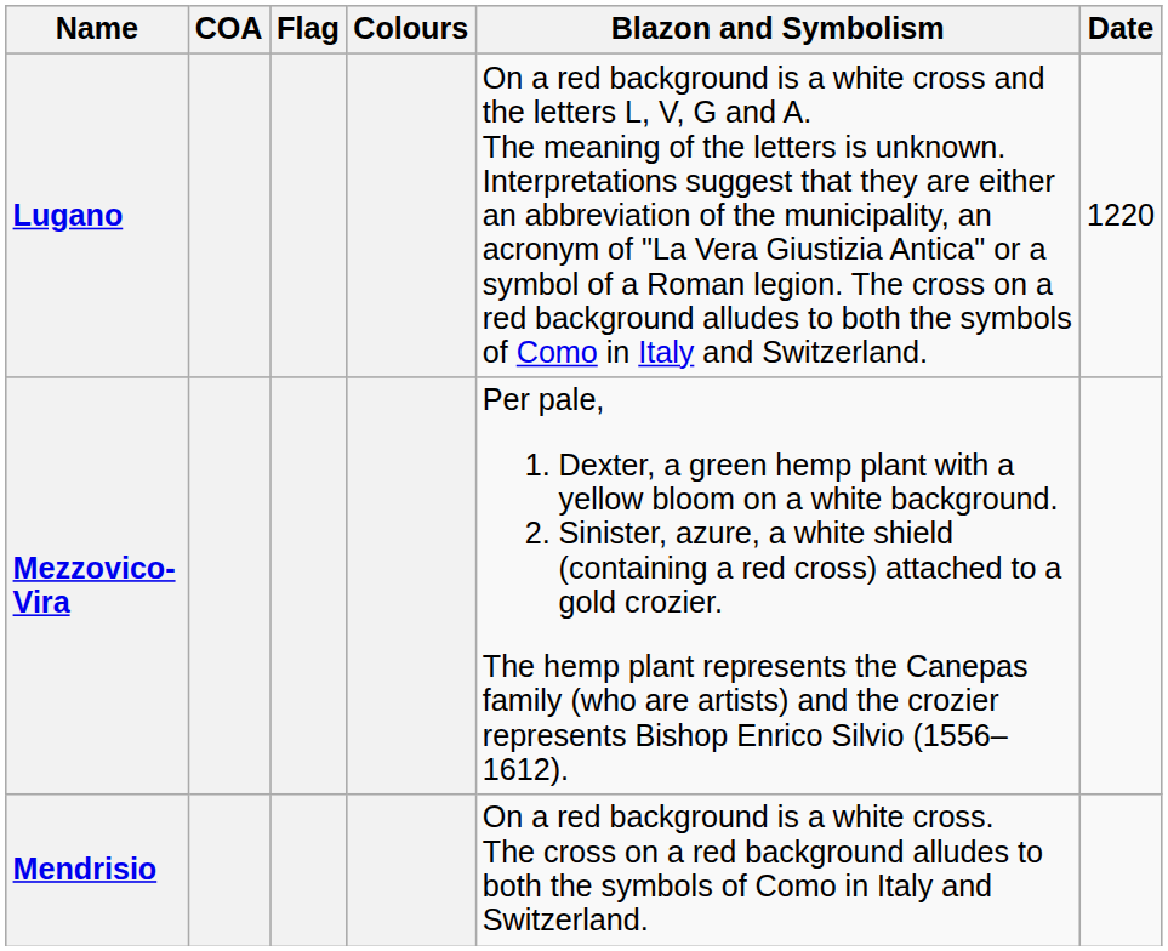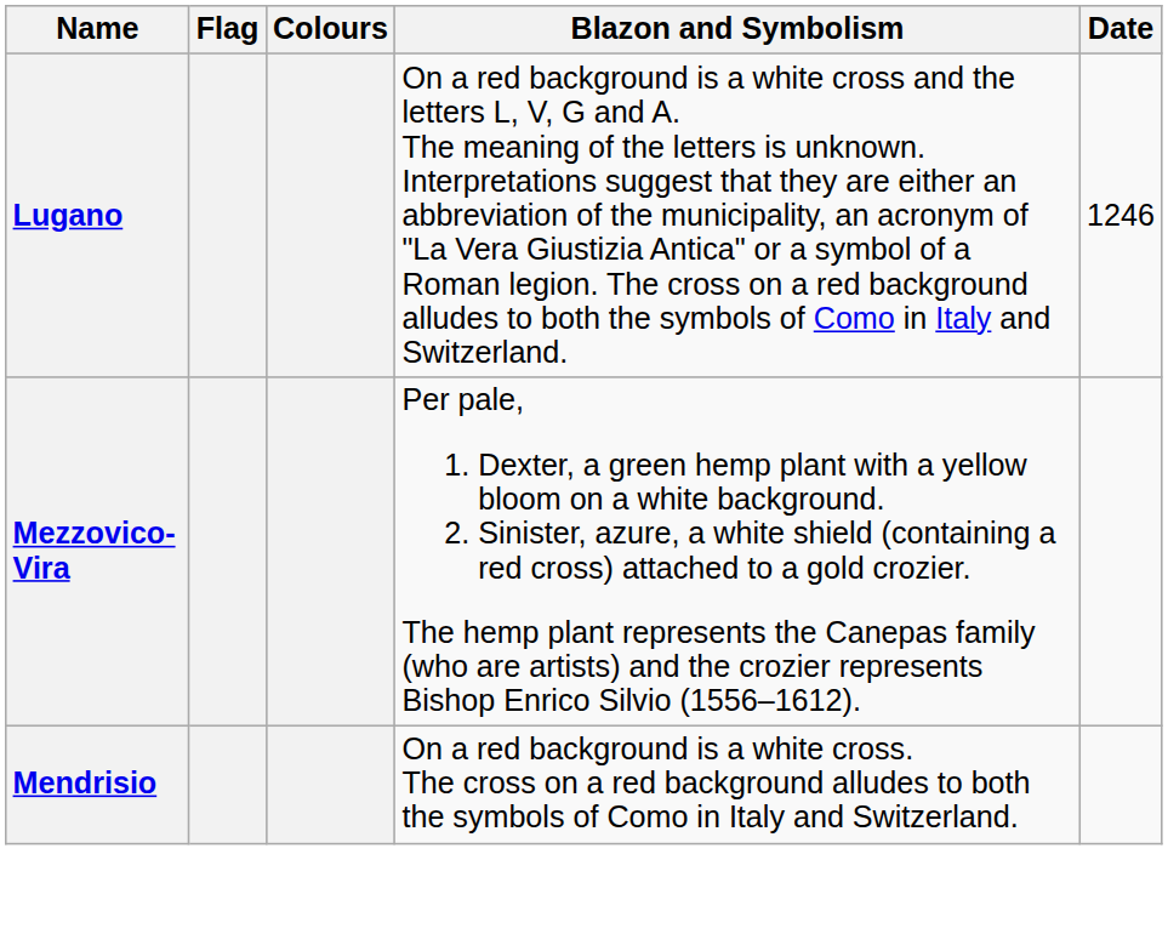 <table class="sortable wikitable">
 <tr>
 <th scope="col">Name</th>
-<th scope="col">COA</th>
 <th scope="col">Flag</th>
 <th scope="col">Colours</th>
 <th scope="col">Blazon and Symbolism</th>
 <th scope="col">Date</th>
 </tr>
 <tr>
 <th scope="row" style="text-align: left;"><a href='#'>Lugano</a></th>
 <th></th>
 <th></th>
-<th></th>
 <td>On a red background is a white cross and the letters L, V, G and A.<br>The meaning of the letters is unknown. Interpretations suggest that they are either an abbreviation of the municipality, an acronym of "La Vera Giustizia Antica" or a symbol of a Roman legion. The cross on a red background alludes to both the symbols of <a href='#'>Como</a> in <a href='#'>Italy</a> and Switzerland.</td>
-<td>1220</td>
+<td>1246</td>
 </tr>
 <tr>
 <th scope="row" style="text-align: left;"><a href='#'>Mezzovico-Vira</a></th>
-<th></th>
 <th></th>
 <th></th>
 <td>Per pale,<br><ol><li>Dexter, a green hemp plant with a yellow bloom on a white background.</li><li>Sinister, azure, a white shield (containing a red cross) attached to a gold crozier.</li></ol>The hemp plant represents the Canepas family (who are artists) and the crozier represents Bishop Enrico Silvio (1556–1612).</td>
 <td></td>
 </tr>
 <tr>
 <th scope="row" style="text-align: left;"><a href='#'>Mendrisio</a></th>
 <th></th>
 <th></th>
-<th></th>
 <td>On a red background is a white cross.<br>The cross on a red background alludes to both the symbols of Como in Italy and Switzerland.</td>
 <td></td>
 </tr>
 </table>
